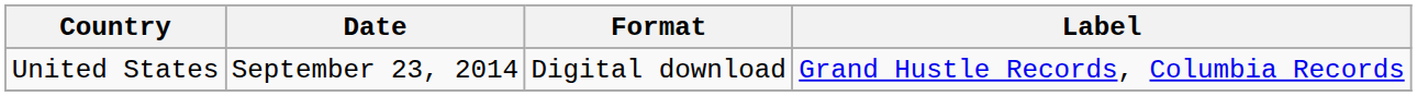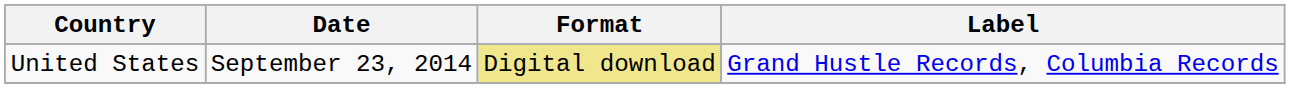 <table class="wikitable plainrowheaders">
 <tr>
 <th scope="col">Country</th>
 <th>Date</th>
 <th>Format</th>
 <th>Label</th>
 </tr>
 <tr>
 <td>United States</td>
 <td>September 23, 2014</td>
-<td>Digital download</td>
+<td style="background: khaki;">Digital download</td>
 <td><a href='#'>Grand Hustle Records</a>, <a href='#'>Columbia Records</a></td>
 </tr>
 <tr>
 </tr>
 </table>
